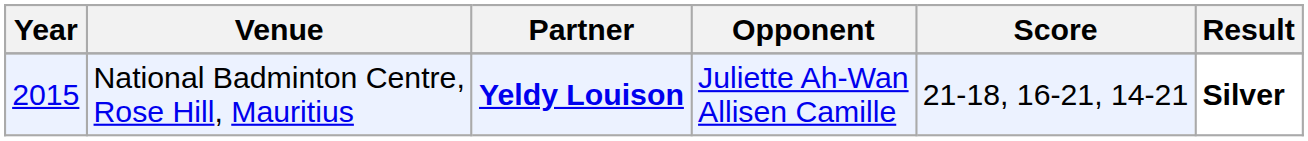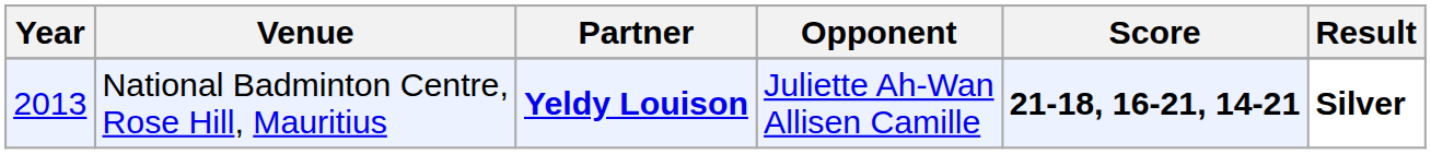 <table class="sortable wikitable" style="font-size: 90%;">
 <tr>
 <th>Year</th>
 <th>Venue</th>
 <th>Partner</th>
 <th>Opponent</th>
 <th>Score</th>
 <th>Result</th>
 </tr>
 <tr>
 </tr>
 <tr style="background:#ECF2FF">
-<td align="center"><a href='#'>2015</a></td>
+<td align="center"><a href='#'>2013</a></td>
 <td align="left">National Badminton Centre,<br> <a href='#'>Rose Hill</a>, <a href='#'>Mauritius</a></td>
 <td align="left"><strong> <a href='#'>Yeldy Louison</a></strong></td>
 <td align="left"> <a href='#'>Juliette Ah-Wan</a> <br>  <a href='#'>Allisen Camille</a></td>
-<td align="left">21-18, 16-21, 14-21</td>
+<td align="left"><strong>21-18, 16-21, 14-21</strong></td>
 <td style="text-align:left; background:white"> <strong>Silver</strong></td>
 </tr>
 </table>
